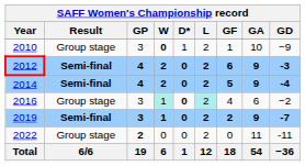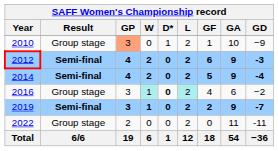 <table class="wikitable" style="text-align: center; width:50%;">
 <tr>
 <th colspan=12><a href='#'>SAFF Women's Championship</a> record</th>
 </tr>
 <tr>
 <th>Year</th>
 <th>Result</th>
 <th>GP</th>
 <th>W</th>
 <th>D*</th>
 <th>L</th>
 <th>GF</th>
 <th>GA</th>
 <th>GD</th>
 </tr>
 <tr>
 </tr>
 <tr>
 <td> <a href='#'>2010</a></td>
 <td>Group stage</td>
-<td>3</td>
-<td><strong>0</strong></td>
+<td style="background: lightsalmon;">3</td>
+<td>0</td>
 <td>1</td>
 <td>2</td>
 <td>1</td>
 <td>10</td>
 <td>−9</td>
 </tr>
 <tr style="background-color:#9acdff;">
 <td style="border: 3px solid red"> <a href='#'>2012</a></td>
 <td><strong>Semi-final</strong></td>
 <td><strong>4</strong></td>
 <td><strong>2</strong></td>
 <td><strong>0</strong></td>
 <td><strong>2</strong></td>
 <td><strong>6</strong></td>
 <td><strong>9</strong></td>
 <td><strong>-3</strong></td>
 </tr>
 <tr style="background-color:#9acdff;">
 <td> <a href='#'>2014</a></td>
 <td><strong>Semi-final</strong></td>
 <td><strong>4</strong></td>
 <td><strong>2</strong></td>
 <td><strong>0</strong></td>
 <td><strong>2</strong></td>
 <td><strong>5</strong></td>
 <td><strong>9</strong></td>
 <td><strong>-4</strong></td>
 </tr>
 <tr>
 <td> <a href='#'>2016</a></td>
 <td>Group stage</td>
 <td>3</td>
 <td style="background: paleturquoise;">1</td>
 <td><strong>0</strong></td>
 <td style="background: paleturquoise;">2</td>
 <td>4</td>
 <td>6</td>
 <td>−2</td>
 </tr>
 <tr style="background-color:#9acdff;">
 <td> <a href='#'>2019</a></td>
 <td><strong>Semi-final</strong></td>
 <td><strong>3</strong></td>
 <td><strong>1</strong></td>
 <td><strong>0</strong></td>
 <td><strong>2</strong></td>
 <td><strong>2</strong></td>
 <td><strong>9</strong></td>
 <td><strong>-7</strong></td>
 </tr>
 <tr>
 <td> <a href='#'>2022</a></td>
 <td>Group stage</td>
-<td><strong>2</strong></td>
+<td>2</td>
 <td>0</td>
 <td>0</td>
 <td>2</td>
 <td>0</td>
 <td>11</td>
 <td>-11</td>
 </tr>
 <tr>
 <th>Total</th>
 <th>6/6</th>
 <th>19</th>
 <th>6</th>
 <th>1</th>
 <th>12</th>
 <th>18</th>
 <th>54</th>
 <th>−36</th>
 </tr>
 </table>
